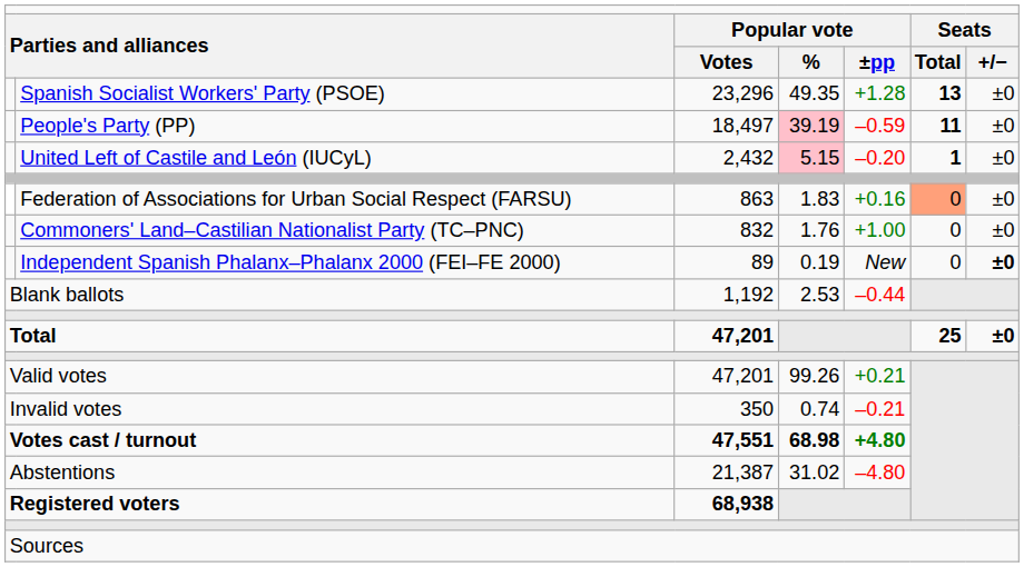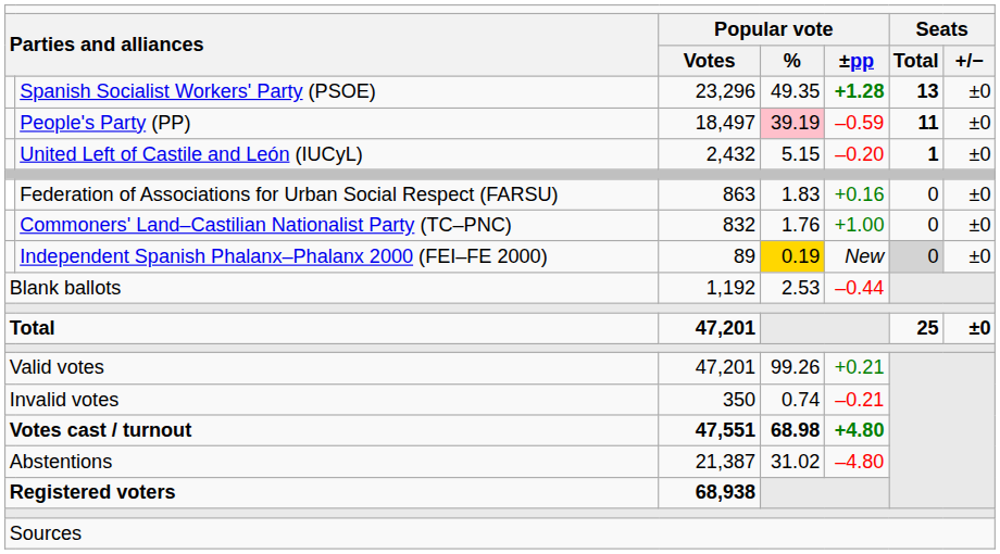 <table class="wikitable" style="text-align:right;">
 <tr>
 <td colspan="7"></td>
 </tr>
 <tr>
 <th style="text-align:left;" rowspan="2" colspan="2" width="525">Parties and alliances</th>
 <th colspan="3">Popular vote</th>
 <th colspan="2">Seats</th>
 </tr>
 <tr>
 <th width="75">Votes</th>
 <th width="45">%</th>
 <th width="45">±<a href='#'>pp</a></th>
 <th width="35">Total</th>
 <th width="35">+/−</th>
 </tr>
 <tr>
 <td width="1" style="color:inherit;background:"></td>
 <td align="left"><a href='#'>Spanish Socialist Workers' Party</a> (PSOE)</td>
 <td>23,296</td>
 <td>49.35</td>
-<td style="color:green;">+1.28</td>
+<td style="color:green;"><strong>+1.28</strong></td>
 <td><strong>13</strong></td>
 <td>±0</td>
 </tr>
 <tr>
 <td style="color:inherit;background:"></td>
 <td align="left"><a href='#'>People's Party</a> (PP)</td>
 <td>18,497</td>
 <td style="background: pink;">39.19</td>
 <td style="color:red;">–0.59</td>
 <td><strong>11</strong></td>
 <td>±0</td>
 </tr>
 <tr>
 <td style="color:inherit;background:"></td>
 <td align="left"><a href='#'>United Left of Castile and León</a> (IUCyL)</td>
 <td>2,432</td>
-<td style="background: pink;">5.15</td>
+<td>5.15</td>
 <td style="color:red;">–0.20</td>
 <td><strong>1</strong></td>
 <td>±0</td>
 </tr>
 <tr>
 <td colspan="7" bgcolor="#C0C0C0"></td>
 </tr>
 <tr>
 <td bgcolor="white"></td>
 <td align="left">Federation of Associations for Urban Social Respect (FARSU)</td>
 <td>863</td>
 <td>1.83</td>
 <td style="color:green;">+0.16</td>
-<td style="background: lightsalmon;">0</td>
+<td>0</td>
 <td>±0</td>
 </tr>
 <tr>
 <td style="color:inherit;background:"></td>
 <td align="left"><a href='#'>Commoners' Land–Castilian Nationalist Party</a> (TC–PNC)</td>
 <td>832</td>
 <td>1.76</td>
 <td style="color:green;">+1.00</td>
 <td>0</td>
 <td>±0</td>
 </tr>
 <tr>
 <td style="color:inherit;background:"></td>
 <td align="left"><a href='#'>Independent Spanish Phalanx–Phalanx 2000</a> (FEI–FE 2000)</td>
 <td>89</td>
-<td>0.19</td>
+<td style="background: gold;">0.19</td>
 <td><em>New</em></td>
-<td>0</td>
-<td><strong>±0</strong></td>
+<td style="background: lightgrey;">0</td>
+<td>±0</td>
 </tr>
 <tr>
 <td align="left" colspan="2">Blank ballots</td>
 <td>1,192</td>
 <td>2.53</td>
 <td style="color:red;">–0.44</td>
 <td bgcolor="#E9E9E9" colspan="2"></td>
 </tr>
 <tr>
 <td colspan="7" bgcolor="#E9E9E9"></td>
 </tr>
 <tr style="font-weight:bold;">
 <td align="left" colspan="2">Total</td>
 <td>47,201</td>
 <td bgcolor="#E9E9E9" colspan="2"></td>
 <td>25</td>
 <td>±0</td>
 </tr>
 <tr>
 <td colspan="7" bgcolor="#E9E9E9"></td>
 </tr>
 <tr>
 <td align="left" colspan="2">Valid votes</td>
 <td>47,201</td>
 <td>99.26</td>
 <td style="color:green;">+0.21</td>
 <td bgcolor="#E9E9E9" colspan="2" rowspan="5"></td>
 </tr>
 <tr>
 <td align="left" colspan="2">Invalid votes</td>
 <td>350</td>
 <td>0.74</td>
 <td style="color:red;">–0.21</td>
 </tr>
 <tr style="font-weight:bold;">
 <td align="left" colspan="2">Votes cast / turnout</td>
 <td>47,551</td>
 <td>68.98</td>
 <td style="color:green;">+4.80</td>
 </tr>
 <tr>
 <td align="left" colspan="2">Abstentions</td>
 <td>21,387</td>
 <td>31.02</td>
 <td style="color:red;">–4.80</td>
 </tr>
 <tr style="font-weight:bold;">
 <td align="left" colspan="2">Registered voters</td>
 <td>68,938</td>
 <td bgcolor="#E9E9E9" colspan="2"></td>
 </tr>
 <tr>
 <td colspan="7" bgcolor="#E9E9E9"></td>
 </tr>
 <tr>
 <td align="left" colspan="7">Sources</td>
 </tr>
 </table>
